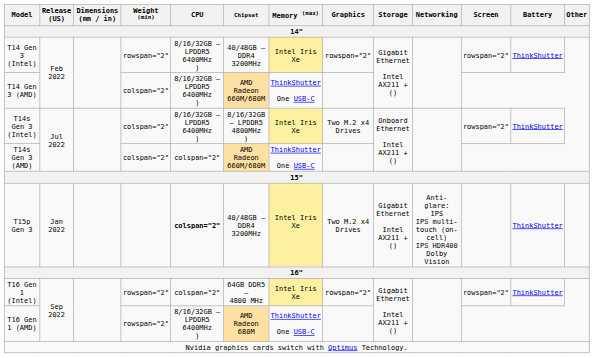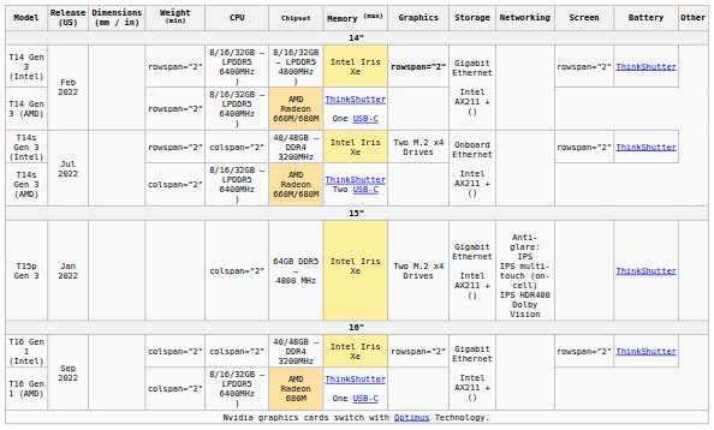 <table class="wikitable" style="font-size: 80%; text-align: center; min-width: 80%;">
 <tr>
 <th>Model</th>
 <th>Release (US)</th>
 <th>Dimensions (mm / in)</th>
 <th>Weight <sup>(min)</sup></th>
 <th>CPU</th>
 <th><small>Chipset</small></th>
 <th>Memory <sup>(max)</sup></th>
 <th>Graphics</th>
 <th>Storage</th>
 <th>Networking</th>
 <th>Screen</th>
 <th>Battery</th>
 <th>Other</th>
 </tr>
 <tr>
 <th colspan="13">14"</th>
 </tr>
 <tr>
 <td>T14 Gen 3 (Intel)</td>
 <td rowspan="2">Feb 2022</td>
 <td rowspan="2"></td>
 <td>rowspan="2" </td>
 <td style="background:">8/16/32GB — LPDDR5 6400MHz<br>)</td>
-<td style="background:">40/48GB — DDR4 3200MHz<br> </td>
+<td style="background:">8/16/32GB — LPDDR5 4800MHz<br>)</td>
 <td style="background:#fdf1a1;">Intel Iris Xe<br></td>
-<td>rowspan="2" </td>
+<td><strong>rowspan="2" </strong></td>
 <td rowspan="2">Gigabit Ethernet<br><br>Intel  AX211 +  ()<br><small></small></td>
 <td rowspan="2" style="background:">  <br><br>  <br>   <br>   <br>   <br>  </td>
 <td>rowspan="2" </td>
 <td><a href='#'>ThinkShutter</a><br></td>
 </tr>
 <tr>
 <td>T14 Gen 3 (AMD)</td>
-<td>colspan="2" </td>
+<td>rowspan="2" </td>
 <td style="background:">8/16/32GB — LPDDR5 6400MHz<br>)</td>
 <td style="background:#fee0a3;">AMD Radeon 660M/680M</td>
 <td><a href='#'>ThinkShutter</a><br> <br>One <a href='#'>USB-C</a>  </td>
 </tr>
 <tr>
 <td>T14s Gen 3 (Intel)</td>
 <td rowspan="2">Jul 2022</td>
 <td rowspan="2"></td>
+<td>rowspan="2" </td>
 <td>colspan="2" </td>
-<td style="background:">8/16/32GB — LPDDR5 6400MHz<br>)</td>
-<td style="background:">8/16/32GB — LPDDR5 4800MHz<br>)</td>
+<td style="background:">40/48GB — DDR4 3200MHz<br> </td>
 <td style="background:#fdf1a1;">Intel Iris Xe</td>
 <td style="background:">Two M.2 x4 Drives</td>
 <td rowspan="2"> Onboard Ethernet<br><br>Intel  AX211 +  ()<br><small></small></td>
 <td rowspan="2" style="background:">  <br><br>  <br>   <br>   <br>   <br>  </td>
 <td>rowspan="2" </td>
 <td><a href='#'>ThinkShutter</a><br></td>
 </tr>
 <tr>
 <td>T14s Gen 3 (AMD)</td>
 <td>colspan="2" </td>
-<td>colspan="2" </td>
+<td style="background:">8/16/32GB — LPDDR5 6400MHz<br>)</td>
 <td style="background:#fee0a3;">AMD Radeon 660M/680M</td>
-<td><a href='#'>ThinkShutter</a><br> <br>One <a href='#'>USB-C</a>  </td>
+<td><a href='#'>ThinkShutter</a><br>Two <a href='#'>USB-C</a>  </td>
 </tr>
 <tr>
 <th colspan="13">15"</th>
 </tr>
 <tr>
 <td>T15p Gen 3</td>
 <td>Jan 2022</td>
 <td></td>
 <td></td>
-<td><strong>colspan="2" </strong></td>
-<td style="background:">40/48GB — DDR4 3200MHz<br> </td>
+<td>colspan="2" </td>
+<td style="background:">64GB DDR5 — 4800 MHz </td>
 <td style="background:#fdf1a1;">Intel Iris Xe<br><br></td>
 <td style="background:">Two M.2 x4 Drives</td>
 <td>Gigabit Ethernet<br><br>Intel  AX211 +  ()<br><small></small></td>
 <td style="background:"><br>Anti-glare: <br>  IPS <br>  IPS multi-touch (on-cell)<br>  IPS HDR400 Dolby Vision</td>
 <td> </td>
 <td><a href='#'>ThinkShutter</a><br></td>
 </tr>
 <tr>
 <th colspan="13">16"</th>
 </tr>
 <tr>
 <td>T16 Gen 1 (Intel)</td>
 <td rowspan="2">Sep 2022</td>
 <td rowspan="2"></td>
-<td>rowspan="2" </td>
 <td>colspan="2" </td>
-<td style="background:">64GB DDR5 — 4800 MHz </td>
+<td>colspan="2" </td>
+<td style="background:">40/48GB — DDR4 3200MHz<br> </td>
 <td style="background:#fdf1a1;">Intel Iris Xe<br></td>
 <td>rowspan="2" </td>
 <td rowspan="2">Gigabit Ethernet<br><br>Intel  AX211 +  ()<br><small></small></td>
 <td rowspan="2" style="background:">  <br><br>  <br>   <br>   <br>  </td>
 <td>rowspan="2" </td>
 <td><a href='#'>ThinkShutter</a><br></td>
 </tr>
 <tr>
 <td>T16 Gen 1 (AMD)</td>
-<td>rowspan="2" </td>
+<td>colspan="2" </td>
 <td style="background:">8/16/32GB — LPDDR5 6400MHz<br>)</td>
 <td style="background:#fee0a3;">AMD Radeon 680M</td>
 <td><a href='#'>ThinkShutter</a><br> <br>One <a href='#'>USB-C</a>  </td>
 </tr>
 <tr>
 <td colspan="13">Nvidia graphics cards switch with <a href='#'>Optimus</a> Technology.</td>
 </tr>
 </table>
